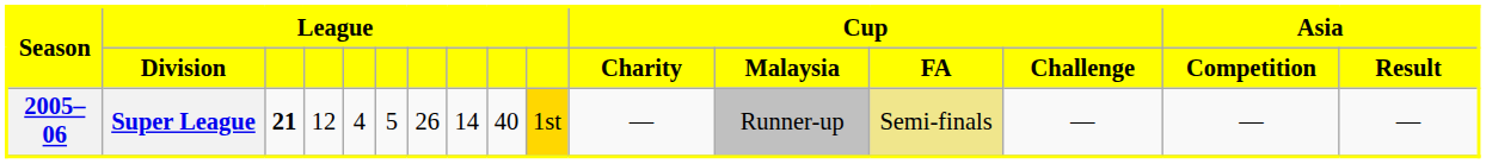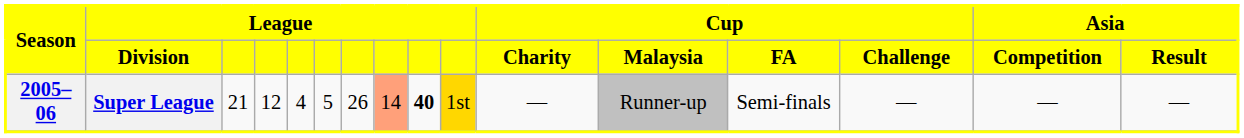 <table class="wikitable" style="border:2px solid yellow; font-size:90%; text-align:center;">
 <tr>
 <th rowspan="2" style="background:yellow; color:black;" width="60">Season</th>
 <th colspan="9" style="background:yellow; color:black;">League</th>
 <th colspan="4" style="background:yellow; color:black;">Cup</th>
 <th colspan="2" style="background:yellow; color:black;">Asia</th>
 </tr>
 <tr>
 <th style="background:yellow; color:black;" width="150">Division</th>
 <th style="background:yellow; color:black;" width="20"></th>
 <th style="background:yellow; color:black;" width="20"></th>
 <th style="background:yellow; color:black;" width="20"></th>
 <th style="background:yellow; color:black;" width="20"></th>
 <th style="background:yellow; color:black;" width="20"></th>
 <th style="background:yellow; color:black;" width="20"></th>
 <th style="background:yellow; color:black;" width="20"></th>
 <th style="background:yellow; color:black;" width="20"></th>
 <th style="background:yellow; color:black;" width="130">Charity</th>
 <th style="background:yellow; color:black;" width="130">Malaysia</th>
 <th style="background:yellow; color:black;" width="130">FA</th>
 <th style="background:yellow; color:black;" width="130">Challenge</th>
 <th style="background:yellow; color:black;" width="130">Competition</th>
 <th style="background:yellow; color:black;" width="130">Result</th>
 </tr>
 <tr>
 <th><a href='#'>2005–06</a></th>
 <th><a href='#'>Super League</a></th>
-<td><strong>21</strong></td>
+<td>21</td>
 <td>12</td>
 <td>4</td>
 <td>5</td>
 <td>26</td>
-<td>14</td>
-<td>40</td>
+<td style="background: lightsalmon;">14</td>
+<td><strong>40</strong></td>
 <td style="background:gold;">1st</td>
 <td>—</td>
 <td style="background:silver;">Runner-up</td>
-<td style="background: khaki;">Semi-finals</td>
+<td>Semi-finals</td>
 <td>—</td>
 <td>—</td>
 <td>—</td>
 </tr>
 <tr>
 </tr>
 </table>
